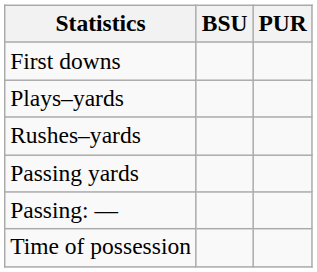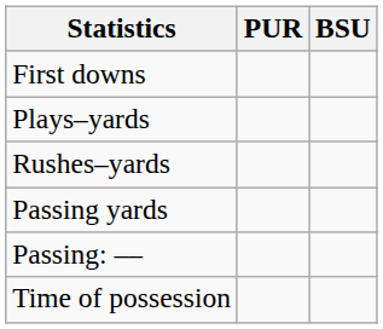 <table class="wikitable" style="float:left">
 <tr>
 <th>Statistics</th>
+<th>PUR</th>
 <th>BSU</th>
-<th>PUR</th>
 </tr>
 <tr>
 <td>First downs</td>
 <td></td>
 <td></td>
 </tr>
 <tr>
 <td>Plays–yards</td>
 <td></td>
 <td></td>
 </tr>
 <tr>
 <td>Rushes–yards</td>
 <td></td>
 <td></td>
 </tr>
 <tr>
 <td>Passing yards</td>
 <td></td>
 <td></td>
 </tr>
 <tr>
 <td>Passing: ––</td>
 <td></td>
 <td></td>
 </tr>
 <tr>
 <td>Time of possession</td>
 <td></td>
 <td></td>
 </tr>
 </table>
